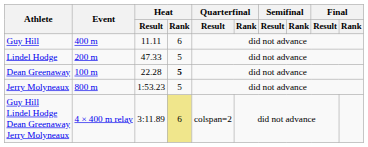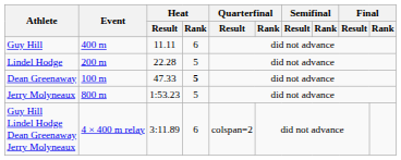 <table class="wikitable" style="font-size:90%">
 <tr>
 <th rowspan="2">Athlete</th>
 <th rowspan="2">Event</th>
 <th colspan="2">Heat</th>
 <th colspan="2">Quarterfinal</th>
 <th colspan="2">Semifinal</th>
 <th colspan="2">Final</th>
 </tr>
 <tr style="font-size:95%">
 <th>Result</th>
 <th>Rank</th>
 <th>Result</th>
 <th>Rank</th>
 <th>Result</th>
 <th>Rank</th>
 <th>Result</th>
 <th>Rank</th>
 </tr>
 <tr align=center>
 <td align=left><a href='#'>Guy Hill</a></td>
 <td align=left><a href='#'>400 m</a></td>
 <td>11.11</td>
 <td>6</td>
 <td colspan=6>did not advance</td>
 </tr>
 <tr align=center>
 <td align=left><a href='#'>Lindel Hodge</a></td>
 <td align=left><a href='#'>200 m</a></td>
-<td>47.33</td>
+<td>22.28</td>
 <td>5</td>
 <td colspan=6>did not advance</td>
 </tr>
 <tr align=center>
 <td align=left><a href='#'>Dean Greenaway</a></td>
 <td align=left><a href='#'>100 m</a></td>
-<td>22.28</td>
+<td>47.33</td>
 <td><strong>5</strong></td>
 <td colspan=6>did not advance</td>
 </tr>
 <tr align=center>
 <td align=left><a href='#'>Jerry Molyneaux</a></td>
 <td align=left><a href='#'>800 m</a></td>
 <td>1:53.23</td>
 <td>5</td>
 <td colspan=6>did not advance</td>
 </tr>
 <tr align=center>
 <td align=left><a href='#'>Guy Hill</a><br><a href='#'>Lindel Hodge</a><br><a href='#'>Dean Greenaway</a><br><a href='#'>Jerry Molyneaux</a></td>
 <td align=left><a href='#'>4 × 400 m relay</a></td>
 <td>3:11.89</td>
-<td style="background: khaki;">6</td>
+<td>6</td>
 <td>colspan=2 </td>
 <td colspan=4>did not advance</td>
 </tr>
 </table>
